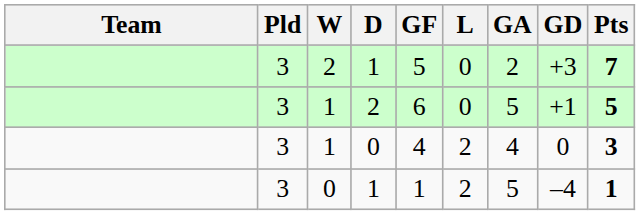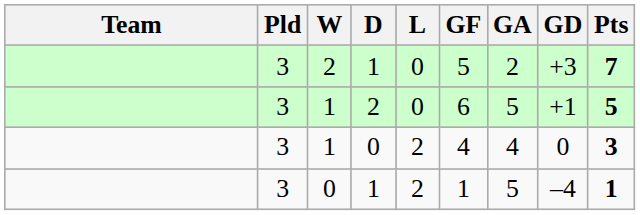 <table class="wikitable" style="text-align:center;">
 <tr>
 <th width=150>Team</th>
 <th width=20>Pld</th>
 <th width=20>W</th>
 <th width=20>D</th>
+<th width=20>L</th>
 <th width=20>GF</th>
-<th width=20>L</th>
 <th width=20>GA</th>
 <th width=20>GD</th>
 <th width=20>Pts</th>
 </tr>
 <tr bgcolor="#ccffcc">
 <td align="left"></td>
 <td>3</td>
 <td>2</td>
 <td>1</td>
+<td>0</td>
 <td>5</td>
-<td>0</td>
 <td>2</td>
 <td>+3</td>
 <td><strong>7</strong></td>
 </tr>
 <tr bgcolor="#ccffcc">
 <td align="left"></td>
 <td>3</td>
 <td>1</td>
 <td>2</td>
+<td>0</td>
 <td>6</td>
-<td>0</td>
 <td>5</td>
 <td>+1</td>
 <td><strong>5</strong></td>
 </tr>
 <tr>
 <td align="left"></td>
 <td>3</td>
 <td>1</td>
 <td>0</td>
+<td>2</td>
 <td>4</td>
-<td>2</td>
 <td>4</td>
 <td>0</td>
 <td><strong>3</strong></td>
 </tr>
 <tr>
 <td align="left"></td>
 <td>3</td>
 <td>0</td>
 <td>1</td>
+<td>2</td>
 <td>1</td>
-<td>2</td>
 <td>5</td>
 <td>–4</td>
 <td><strong>1</strong></td>
 </tr>
 </table>
